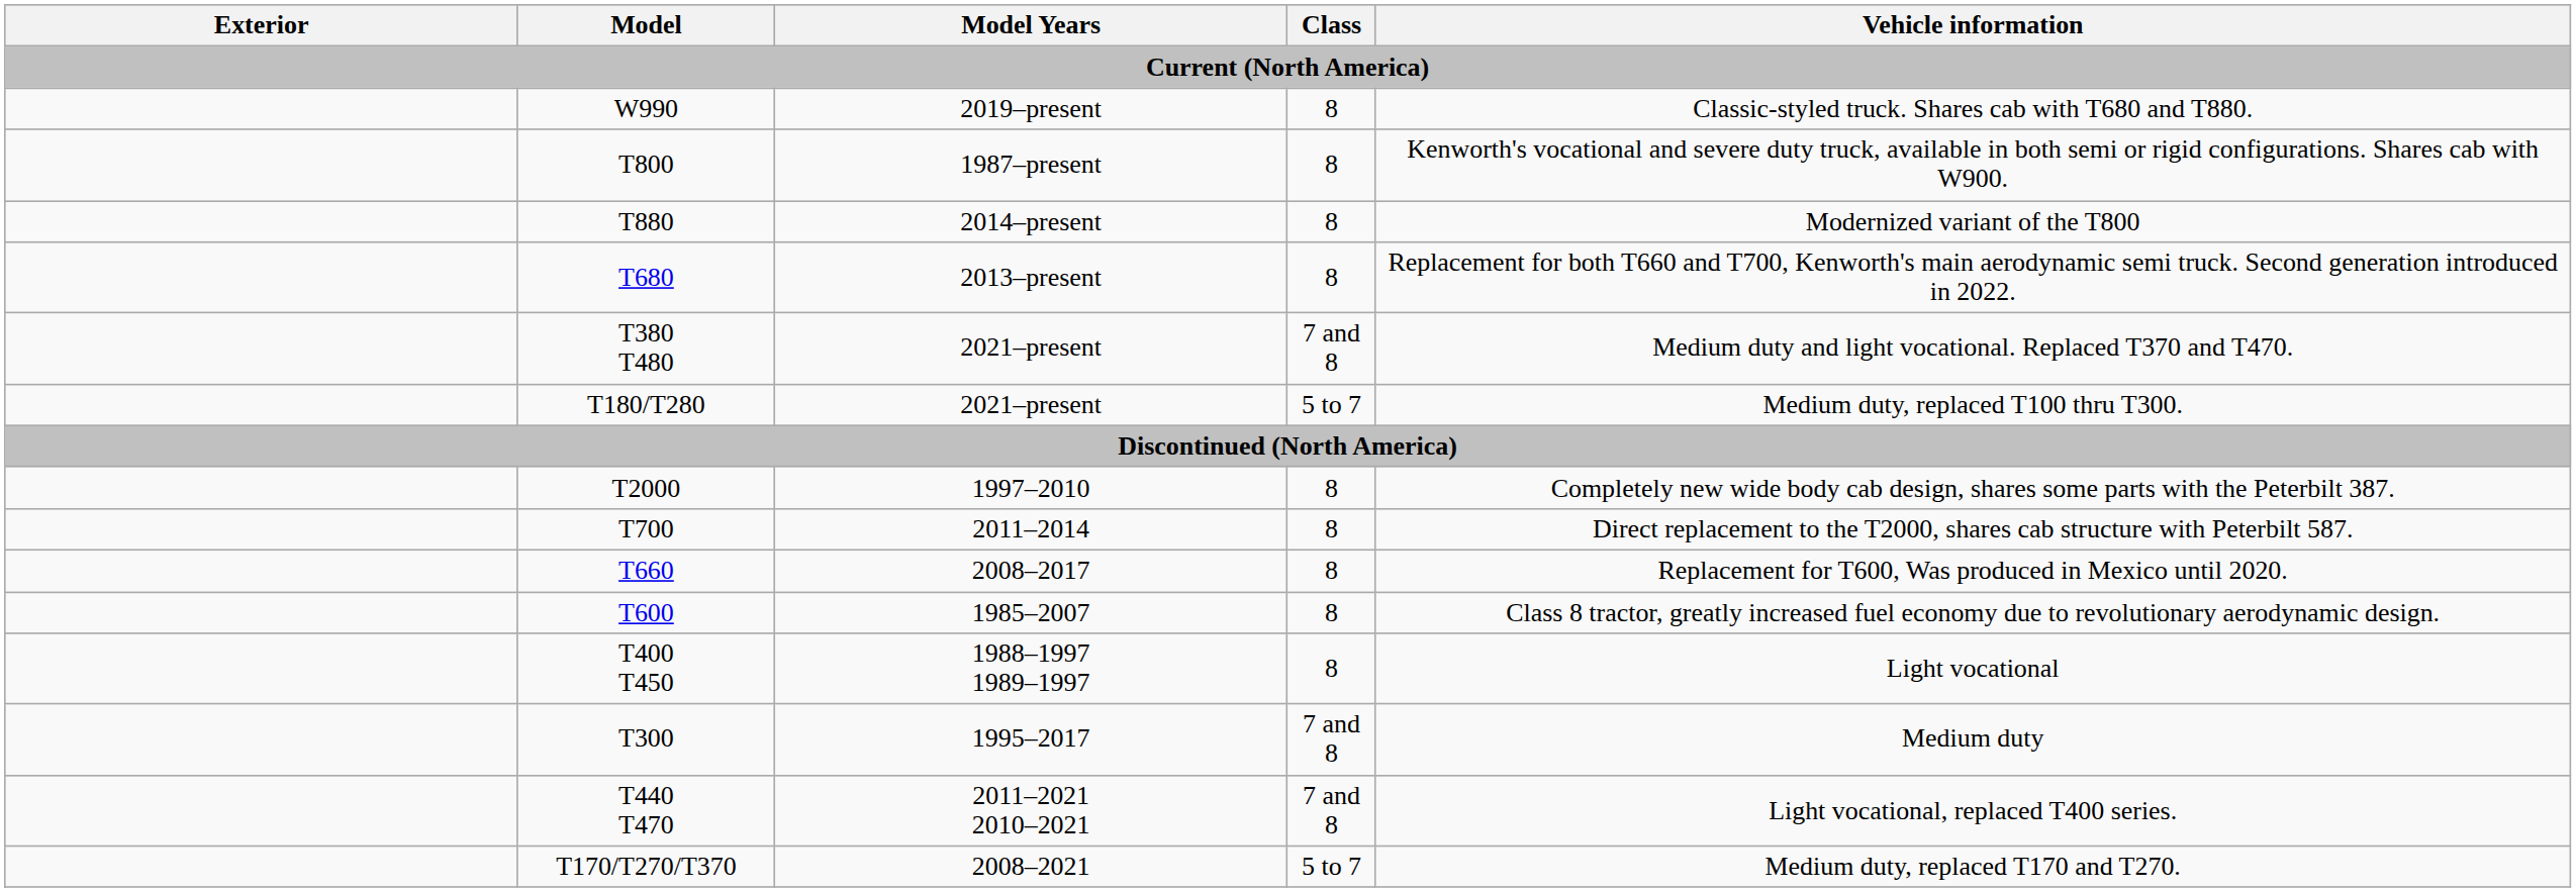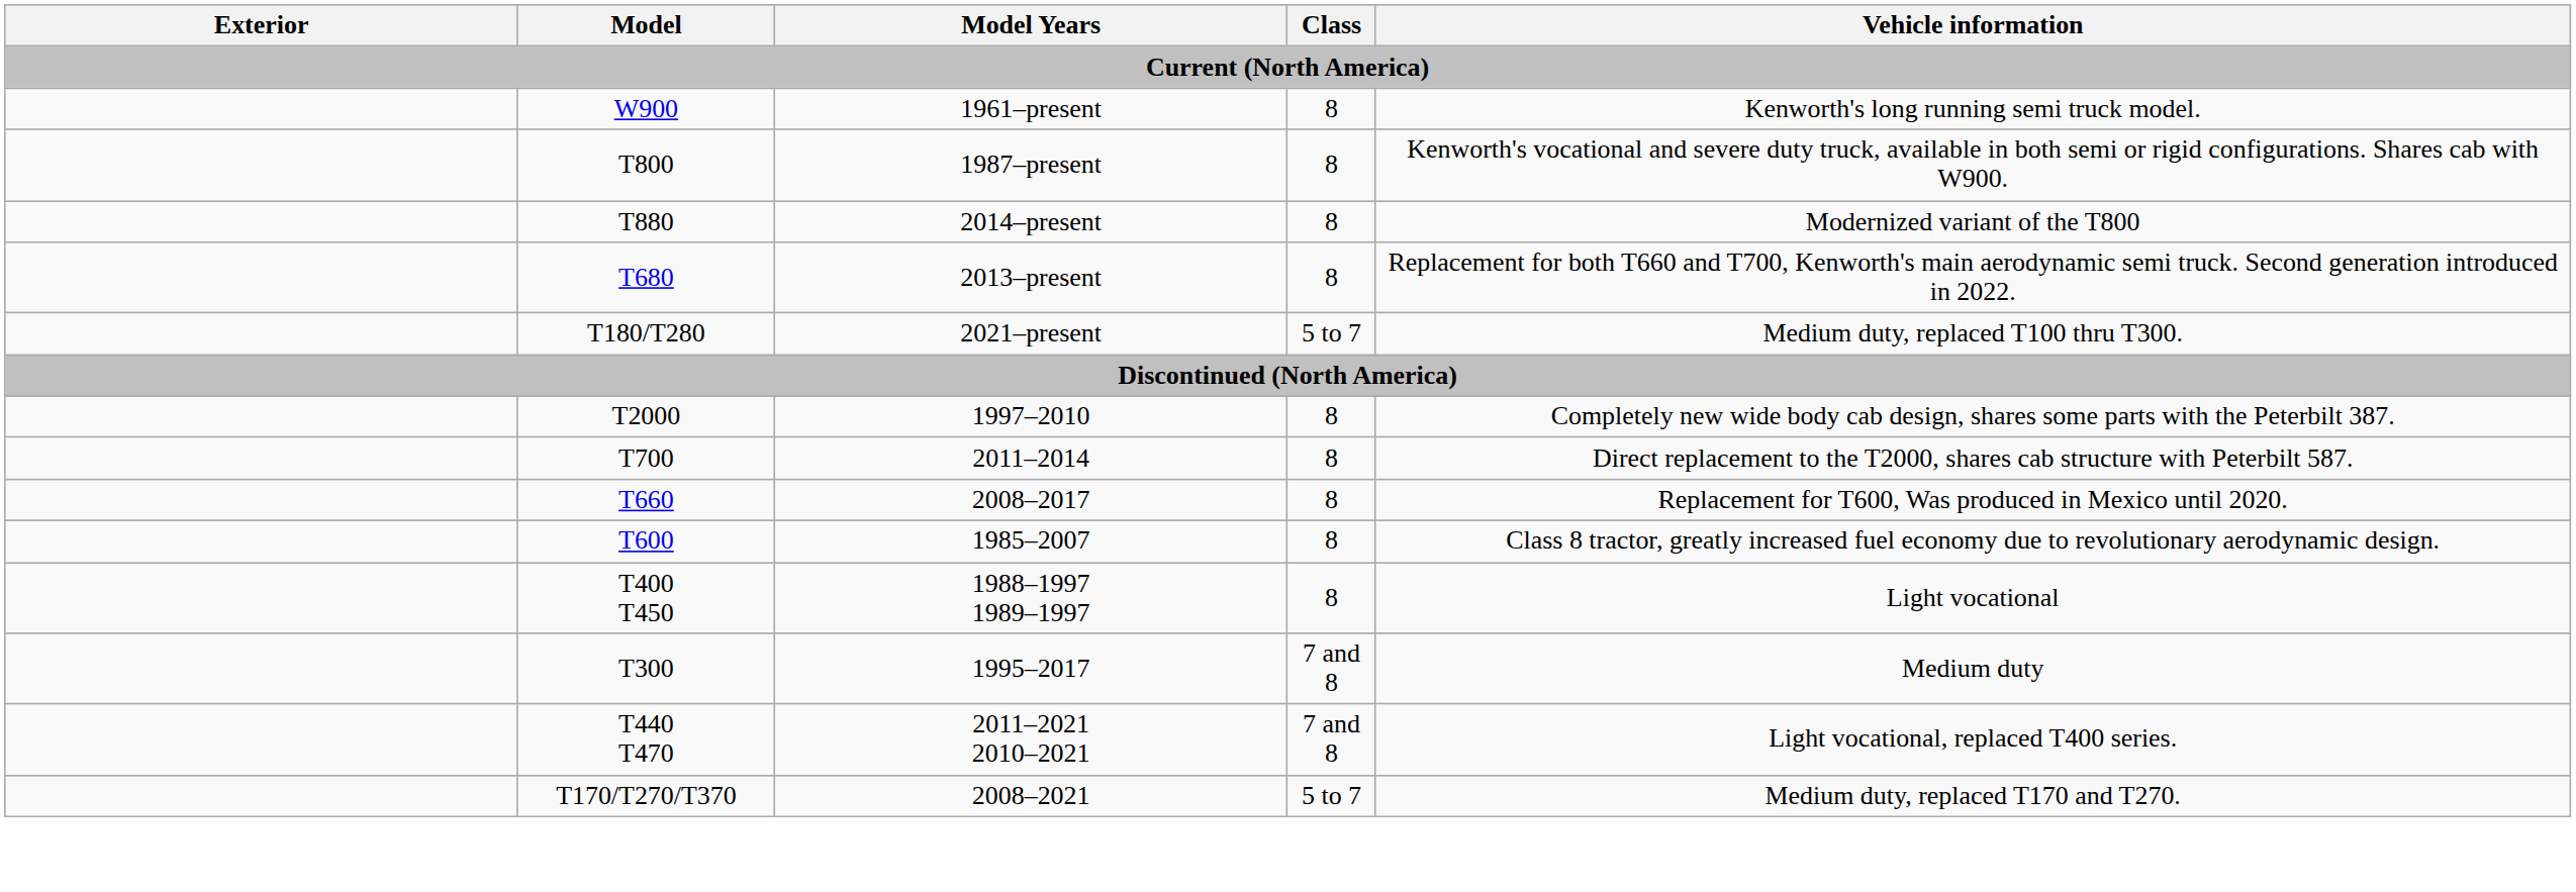 <table class="wikitable center" style="text-align: center">
 <tr>
 <th style="width: 20%">Exterior</th>
 <th style="width: 10%">Model</th>
 <th style="width: 20%">Model Years</th>
 <th>Class</th>
 <th>Vehicle information</th>
 </tr>
 <tr bgcolor="#C0C0C0">
 <td colspan="5"><strong>Current (North America)</strong></td>
 </tr>
 <tr>
 <td></td>
-<td>W990</td>
-<td>2019–present</td>
+<td><a href='#'>W900</a></td>
+<td>1961–present</td>
 <td>8</td>
-<td>Classic-styled truck. Shares cab with T680 and T880.</td>
+<td>Kenworth's long running semi truck model.</td>
 </tr>
 <tr>
 <td></td>
 <td>T800</td>
 <td>1987–present</td>
 <td>8</td>
 <td>Kenworth's vocational and severe duty truck, available in both semi or rigid configurations. Shares cab with W900.</td>
 </tr>
 <tr>
 <td></td>
 <td>T880</td>
 <td>2014–present</td>
 <td>8</td>
 <td>Modernized variant of the T800</td>
 </tr>
 <tr>
 <td></td>
 <td><a href='#'>T680</a></td>
 <td>2013–present</td>
 <td>8</td>
 <td>Replacement for both T660 and T700, Kenworth's main aerodynamic semi truck. Second generation introduced in 2022.</td>
-</tr>
-<tr>
-<td></td>
-<td>T380<br>T480</td>
-<td>2021–present</td>
-<td>7 and 8</td>
-<td>Medium duty and light vocational. Replaced T370 and T470.</td>
 </tr>
 <tr>
 <td></td>
 <td>T180/T280</td>
 <td>2021–present</td>
 <td>5 to 7</td>
 <td>Medium duty, replaced T100 thru T300.</td>
 </tr>
 <tr bgcolor="#C0C0C0">
 <td colspan="5"><strong>Discontinued (North America)</strong></td>
 </tr>
 <tr>
 <td></td>
 <td>T2000</td>
 <td>1997–2010</td>
 <td>8</td>
 <td>Completely new wide body cab design, shares some parts with the Peterbilt 387.</td>
 </tr>
 <tr>
 <td></td>
 <td>T700</td>
 <td>2011–2014</td>
 <td>8</td>
 <td>Direct replacement to the T2000, shares cab structure with Peterbilt 587.</td>
 </tr>
 <tr>
 <td></td>
 <td><a href='#'>T660</a></td>
 <td>2008–2017</td>
 <td>8</td>
 <td>Replacement for T600, Was produced in Mexico until 2020.</td>
 </tr>
 <tr>
 <td></td>
 <td><a href='#'>T600</a></td>
 <td>1985–2007</td>
 <td>8</td>
 <td>Class 8 tractor, greatly increased fuel economy due to revolutionary aerodynamic design.</td>
 </tr>
 <tr>
 <td></td>
 <td>T400<br>T450</td>
 <td>1988–1997<br>1989–1997</td>
 <td>8</td>
 <td>Light vocational</td>
 </tr>
 <tr>
 <td></td>
 <td>T300</td>
 <td>1995–2017</td>
 <td>7 and 8</td>
 <td>Medium duty</td>
 </tr>
 <tr>
 <td></td>
 <td>T440<br>T470</td>
 <td>2011–2021<br>2010–2021</td>
 <td>7 and 8</td>
 <td>Light vocational, replaced T400 series.</td>
 </tr>
 <tr>
 <td></td>
 <td>T170/T270/T370</td>
 <td>2008–2021</td>
 <td>5 to 7</td>
 <td>Medium duty, replaced T170 and T270.</td>
 </tr>
 </table>
